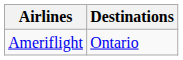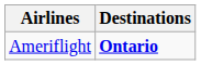 <table class="wikitable">
 <tr>
 <th>Airlines</th>
 <th>Destinations</th>
 </tr>
 <tr>
 <td><a href='#'>Ameriflight</a></td>
-<td><a href='#'>Ontario</a></td>
+<td><strong><a href='#'>Ontario</a></strong></td>
 </tr>
 </table>
